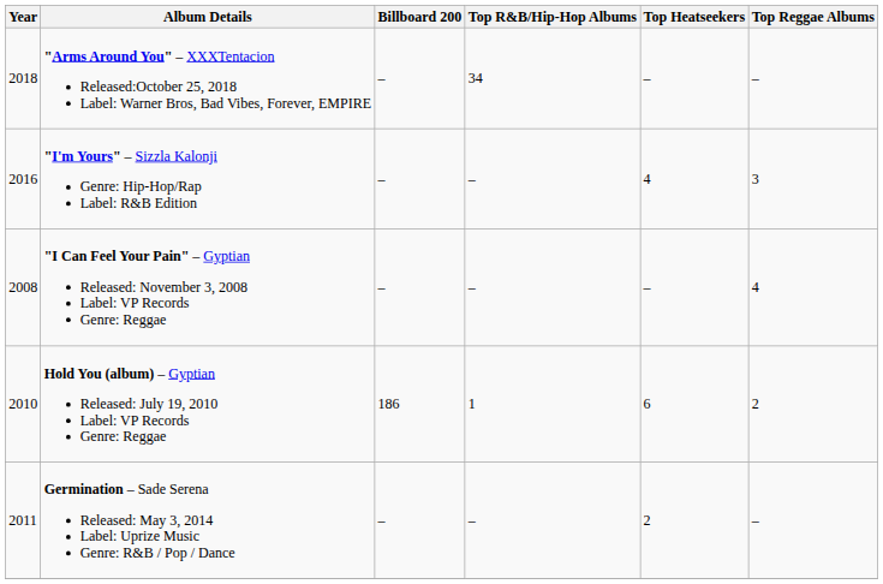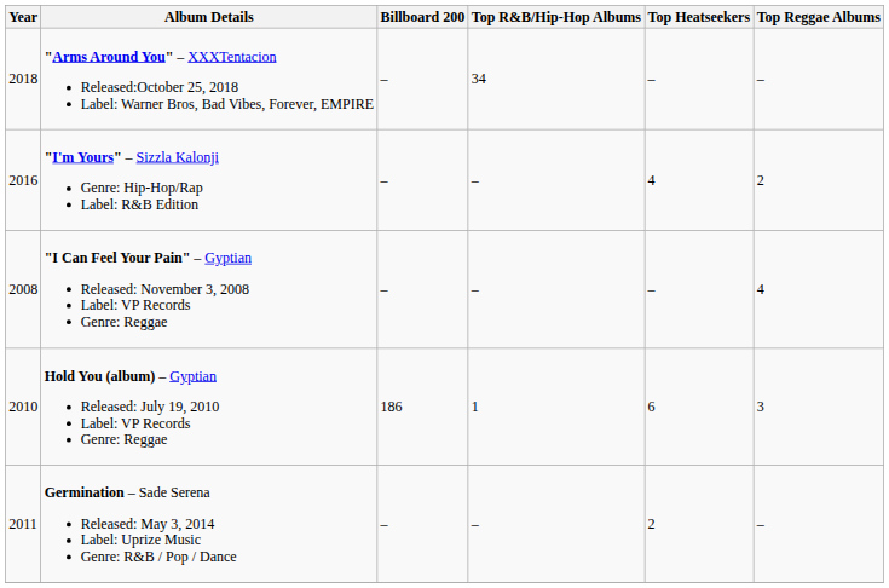 <table class="wikitable">
 <tr>
 <th>Year</th>
 <th>Album Details</th>
 <th>Billboard 200</th>
 <th>Top R&B/Hip-Hop Albums</th>
 <th>Top Heatseekers</th>
 <th>Top Reggae Albums</th>
 </tr>
 <tr>
 <td>2018</td>
 <td><br><strong>"<a href='#'>Arms Around You</a>"</strong> – <a href='#'>XXXTentacion</a><ul><li>Released:October 25, 2018</li><li>Label: Warner Bros, Bad Vibes, Forever, EMPIRE</li></ul></td>
 <td>–</td>
 <td>34</td>
 <td>–</td>
 <td>–</td>
 </tr>
 <tr>
 <td>2016</td>
 <td><br><strong>"<a href='#'>I'm Yours</a>"</strong> – <a href='#'>Sizzla Kalonji</a><ul><li>Genre: Hip-Hop/Rap</li><li>Label: R&B Edition</li></ul></td>
 <td>–</td>
 <td>–</td>
 <td>4</td>
-<td>3</td>
+<td>2</td>
 </tr>
 <tr>
 <td>2008</td>
 <td><br><strong>"I Can Feel Your Pain"</strong> – <a href='#'>Gyptian</a><ul><li>Released: November 3, 2008</li><li>Label: VP Records</li><li>Genre: Reggae</li></ul></td>
 <td>–</td>
 <td>–</td>
 <td>–</td>
 <td>4</td>
 </tr>
 <tr>
 <td>2010</td>
 <td><br><strong>Hold You (album)</strong> – <a href='#'>Gyptian</a><ul><li>Released: July 19, 2010</li><li>Label: VP Records</li><li>Genre: Reggae</li></ul></td>
 <td>186</td>
 <td>1</td>
 <td>6</td>
-<td>2</td>
+<td>3</td>
 </tr>
 <tr>
 <td>2011</td>
 <td><br><strong>Germination</strong> – Sade Serena<ul><li>Released: May 3, 2014</li><li>Label: Uprize Music</li><li>Genre: R&B / Pop / Dance</li></ul></td>
 <td>–</td>
 <td>–</td>
 <td>2</td>
 <td>–</td>
 </tr>
 <tr>
 </tr>
 </table>
